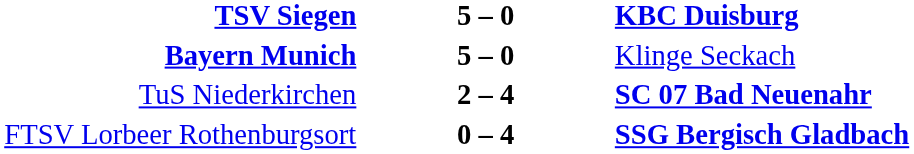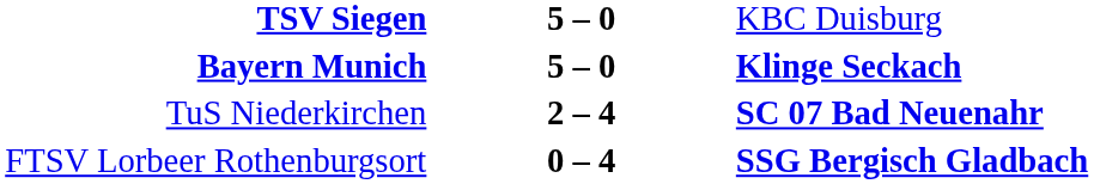 <table width=100% cellspacing=1>
 <tr>
 <th width=25%></th>
 <th width=10%></th>
 <th width=25%></th>
 <th></th>
 </tr>
 <tr style=font-size:90%>
 <td align=right><strong><a href='#'>TSV Siegen</a></strong></td>
 <td align=center><strong>5 – 0</strong></td>
-<td><strong><a href='#'>KBC Duisburg</a></strong></td>
+<td><a href='#'>KBC Duisburg</a></td>
 </tr>
 <tr style=font-size:90%>
 <td align=right><strong><a href='#'>Bayern Munich</a></strong></td>
 <td align=center><strong>5 – 0</strong></td>
-<td><a href='#'>Klinge Seckach</a></td>
+<td><strong><a href='#'>Klinge Seckach</a></strong></td>
 </tr>
 <tr style=font-size:90%>
 <td align=right><a href='#'>TuS Niederkirchen</a></td>
 <td align=center><strong>2 – 4</strong></td>
 <td><strong><a href='#'>SC 07 Bad Neuenahr</a></strong></td>
 </tr>
 <tr style=font-size:90%>
 <td align=right><a href='#'>FTSV Lorbeer Rothenburgsort</a></td>
 <td align=center><strong>0 – 4</strong></td>
 <td><strong><a href='#'>SSG Bergisch Gladbach</a></strong></td>
 </tr>
 </table>
